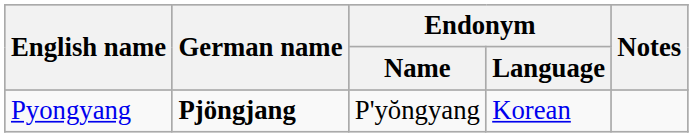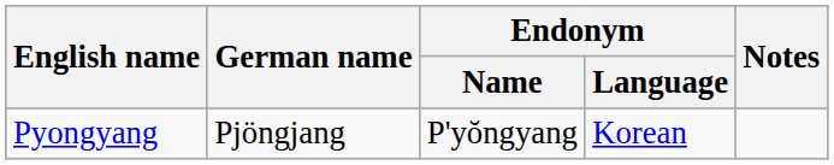 <table class="wikitable sortable mw-collapsible">
 <tr>
 <th rowspan="2">English name</th>
 <th rowspan="2">German name</th>
 <th colspan="2">Endonym</th>
 <th rowspan="2">Notes</th>
 </tr>
 <tr>
 <th>Name</th>
 <th>Language</th>
 </tr>
 <tr>
 <td><a href='#'>Pyongyang</a></td>
-<td><strong>Pjöngjang</strong></td>
+<td>Pjöngjang</td>
 <td>P'yŏngyang</td>
 <td><a href='#'>Korean</a></td>
 <td></td>
 </tr>
 </table>
